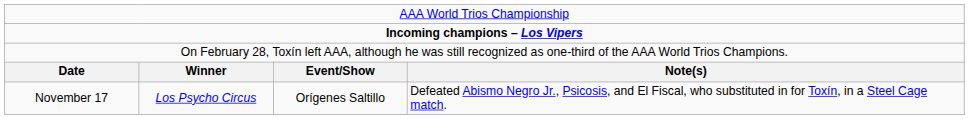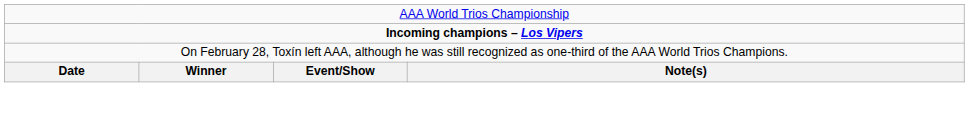 <table class="wikitable" style="text-align:center; width:100%;">
 <tr>
 <td colspan="4" style="text-align: center;"><a href='#'>AAA World Trios Championship</a></td>
 </tr>
 <tr>
 <td colspan="4" style="text-align: center;"><strong>Incoming champions – <em><a href='#'>Los Vipers</a></em> </strong></td>
 </tr>
 <tr>
 <td colspan="4" style="text-align: center;">On February 28, Toxín left AAA, although he was still recognized as one-third of the AAA World Trios Champions.</td>
 </tr>
 <tr>
 <th width=14%>Date</th>
 <th width=14%>Winner</th>
 <th width=14%>Event/Show</th>
 <th width=58%>Note(s)</th>
 </tr>
-<tr>
-<td>November 17</td>
-<td><em><a href='#'>Los Psycho Circus</a></em><br></td>
-<td>Orígenes Saltillo</td>
-<td align=left>Defeated <a href='#'>Abismo Negro Jr.</a>, <a href='#'>Psicosis</a>, and El Fiscal, who substituted in for <a href='#'>Toxín</a>, in a <a href='#'>Steel Cage match</a>.</td>
-</tr>
 </table>
